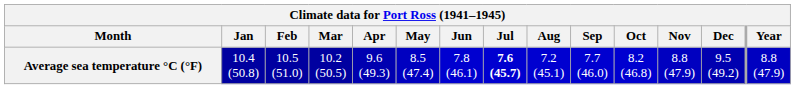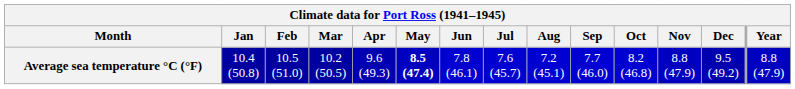 <table style="width:70%;text-align:center;font-size:90%;line-height:1.2em;margin-left:auto;margin-right:auto" class="wikitable">
 <tr>
 <th Colspan=14>Climate data for <a href='#'>Port Ross</a> (1941–1945)</th>
 </tr>
 <tr>
 <th>Month</th>
 <th>Jan</th>
 <th>Feb</th>
 <th>Mar</th>
 <th>Apr</th>
 <th>May</th>
 <th>Jun</th>
 <th>Jul</th>
 <th>Aug</th>
 <th>Sep</th>
 <th>Oct</th>
 <th>Nov</th>
 <th>Dec</th>
 <th style="border-left-width:medium">Year</th>
 </tr>
 <tr>
 <th>Average sea temperature °C (°F)</th>
 <td style="background:#0000A0; color:#ffffff;">10.4<br>(50.8)</td>
 <td style="background:#0000A0; color:#ffffff;">10.5<br>(51.0)</td>
 <td style="background:#0000A0; color:#ffffff;">10.2<br>(50.5)</td>
 <td style="background:#0000B0; color:#ffffff;">9.6<br>(49.3)</td>
-<td style="background:#0000C0; color:#ffffff;">8.5<br>(47.4)</td>
+<td style="background:#0000C0; color:#ffffff;"><strong>8.5<br>(47.4)</strong></td>
 <td style="background:#0000D0; color:#ffffff;">7.8<br>(46.1)</td>
-<td style="background:#0000D0; color:#ffffff;"><strong>7.6<br>(45.7)</strong></td>
+<td style="background:#0000D0; color:#ffffff;">7.6<br>(45.7)</td>
 <td style="background:#0000D0; color:#ffffff;">7.2<br>(45.1)</td>
 <td style="background:#0000D0; color:#ffffff;">7.7<br>(46.0)</td>
 <td style="background:#0000D0; color:#ffffff;">8.2<br>(46.8)</td>
 <td style="background:#0000C0; color:#ffffff;">8.8<br>(47.9)</td>
 <td style="background:#0000B0; color:#ffffff;">9.5<br>(49.2)</td>
 <td style="background:#0000C0; color:#ffffff; border-left-width:medium;">8.8<br>(47.9)</td>
 </tr>
 </table>
